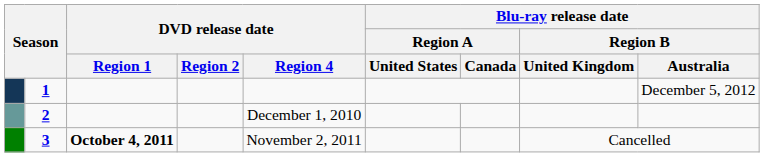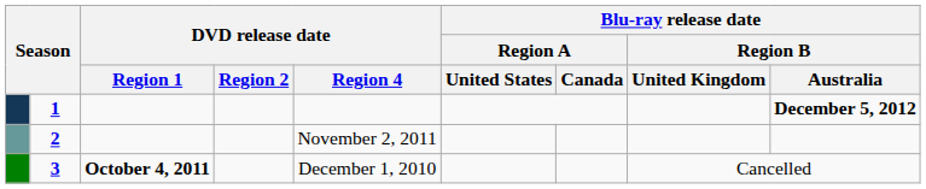 <table class="wikitable" style="text-align:center">
 <tr>
 <th style="padding:0 8px;" rowspan="3" colspan="2">Season</th>
 <th colspan="3" rowspan="2">DVD release date</th>
 <th colspan="4"><a href='#'>Blu-ray</a> release date</th>
 </tr>
 <tr>
 <th colspan="2">Region A</th>
 <th colspan="2">Region B</th>
 </tr>
 <tr>
 <th><a href='#'>Region 1</a></th>
 <th><a href='#'>Region 2</a></th>
 <th><a href='#'>Region 4</a></th>
 <th>United States</th>
 <th>Canada</th>
 <th>United Kingdom</th>
 <th>Australia</th>
 </tr>
 <tr>
 <td bgcolor="#143657" height="10px"></td>
 <td><strong><a href='#'>1</a></strong></td>
 <td style="padding: 0px 8px"></td>
 <td></td>
 <td style="padding: 0px 8px"></td>
 <td colspan="2"></td>
 <td></td>
-<td>December 5, 2012</td>
+<td><strong>December 5, 2012</strong></td>
 </tr>
 <tr>
 <td bgcolor="#669999" height="10px"></td>
 <td><strong><a href='#'>2</a></strong></td>
 <td></td>
 <td style="padding: 0px 8px"></td>
-<td>December 1, 2010</td>
+<td>November 2, 2011</td>
 <td></td>
 <td></td>
 <td></td>
 <td></td>
 </tr>
 <tr>
 <td bgcolor="#008000" height="10px"></td>
 <td><strong><a href='#'>3</a></strong></td>
 <td><strong>October 4, 2011</strong></td>
 <td></td>
-<td>November 2, 2011</td>
+<td>December 1, 2010</td>
 <td></td>
 <td></td>
 <td colspan="2">Cancelled</td>
 </tr>
 </table>
